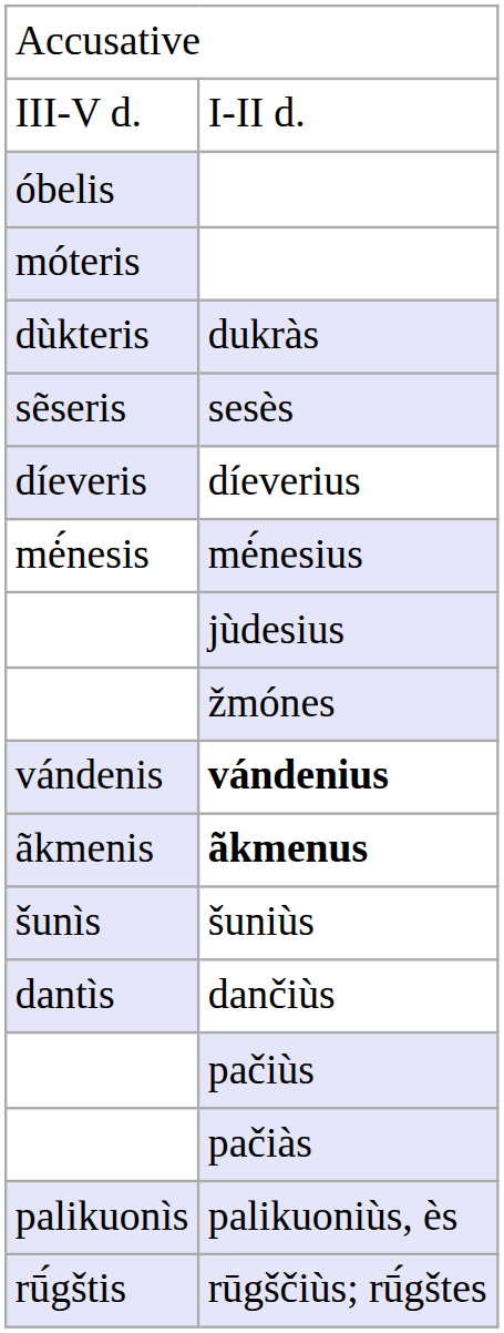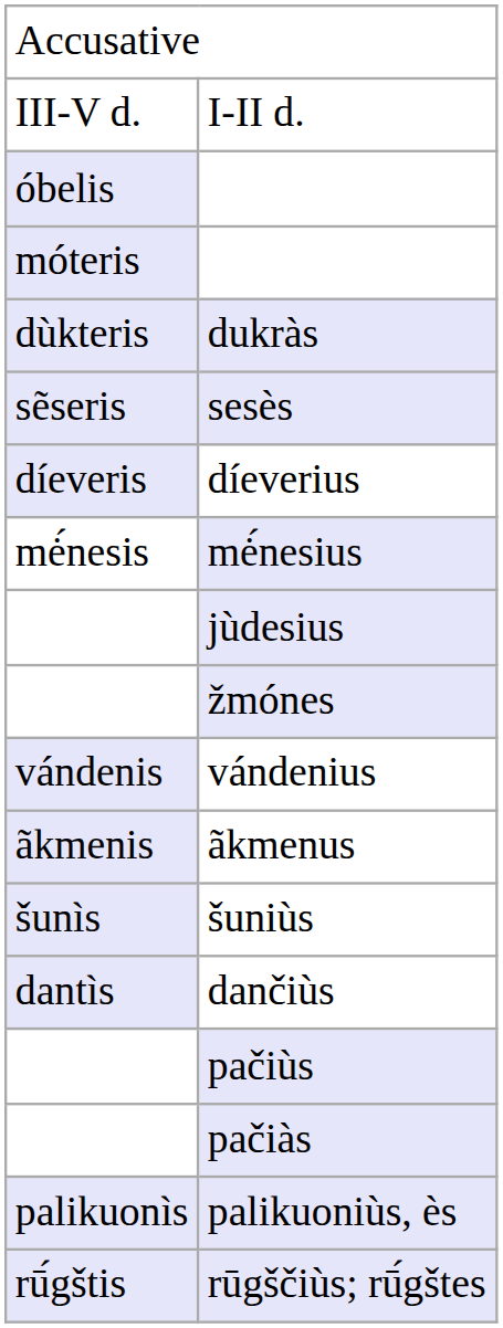 <table class=wikitable style="background: #FFFFFF; line-height: 1.3em;">
 <tr>
 <td colspan=3>Accusative</td>
 </tr>
 <tr>
 <td>III-V d.</td>
 <td>I-II d.</td>
 </tr>
 <tr>
 <td style="background: #E6E6FA">óbelis</td>
 <td></td>
 </tr>
 <tr>
 <td style="background: #E6E6FA">móteris</td>
 <td></td>
 </tr>
 <tr style="background: #E6E6FA">
 <td>dùkteris</td>
 <td>dukràs</td>
 </tr>
 <tr style="background: #E6E6FA">
 <td>sẽseris</td>
 <td>sesès</td>
 </tr>
 <tr>
 <td style="background: #E6E6FA">díeveris</td>
 <td>díeverius</td>
 </tr>
 <tr>
 <td>mė́nesis</td>
 <td style="background: #E6E6FA">mė́nesius</td>
 </tr>
 <tr>
 <td></td>
 <td style="background: #E6E6FA">jùdesius</td>
 </tr>
 <tr>
 <td></td>
 <td style="background: #E6E6FA">žmónes</td>
 </tr>
 <tr>
 <td style="background: #E6E6FA">vándenis</td>
-<td><strong>vándenius</strong></td>
+<td>vándenius</td>
 </tr>
 <tr>
 <td style="background: #E6E6FA">ãkmenis</td>
-<td><strong>ãkmenus</strong></td>
+<td>ãkmenus</td>
 </tr>
 <tr>
 <td style="background: #E6E6FA">šunìs</td>
 <td>šuniùs</td>
 </tr>
 <tr>
 <td style="background: #E6E6FA">dantìs</td>
 <td>dančiùs</td>
 </tr>
 <tr>
 <td></td>
 <td style="background: #E6E6FA">pačiùs</td>
 </tr>
 <tr>
 <td></td>
 <td style="background: #E6E6FA">pačiàs</td>
 </tr>
 <tr style="background: #E6E6FA">
 <td>palikuonìs</td>
 <td>palikuoniùs, ès</td>
 </tr>
 <tr style="background: #E6E6FA">
 <td>rū́gštis</td>
 <td>rūgščiùs; rū́gštes</td>
 </tr>
 </table>
